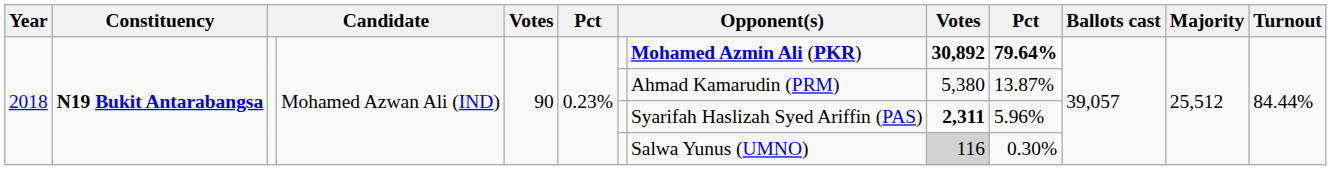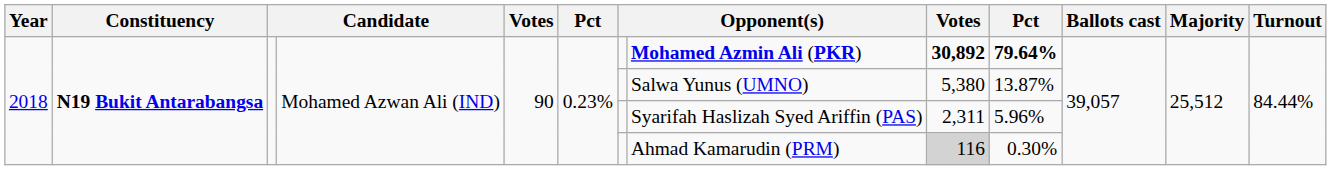 <table class="wikitable" style="margin:0.5em ; font-size:95%">
 <tr>
 <th>Year</th>
 <th>Constituency</th>
 <th colspan=2>Candidate</th>
 <th>Votes</th>
 <th>Pct</th>
 <th colspan=2>Opponent(s)</th>
 <th>Votes</th>
 <th>Pct</th>
 <th>Ballots cast</th>
 <th>Majority</th>
 <th>Turnout</th>
 </tr>
 <tr>
 <td rowspan=4><a href='#'>2018</a></td>
 <td rowspan=4><strong>N19 <a href='#'>Bukit Antarabangsa</a></strong></td>
 <td rowspan=4 ></td>
 <td rowspan=4>Mohamed Azwan Ali (<a href='#'>IND</a>)</td>
 <td rowspan=4 align="right">90</td>
 <td rowspan=4>0.23%</td>
 <td></td>
 <td><strong><a href='#'>Mohamed Azmin Ali</a></strong> (<a href='#'><strong>PKR</strong></a>)</td>
 <td align="right"><strong>30,892</strong></td>
 <td><strong>79.64%</strong></td>
 <td rowspan=4>39,057</td>
 <td rowspan=4>25,512</td>
 <td rowspan=4>84.44%</td>
 </tr>
 <tr>
 <td></td>
-<td>Ahmad Kamarudin (<a href='#'>PRM</a>)</td>
+<td>Salwa Yunus (<a href='#'>UMNO</a>)</td>
 <td align="right">5,380</td>
 <td>13.87%</td>
 </tr>
 <tr>
 <td></td>
 <td>Syarifah Haslizah Syed Ariffin (<a href='#'>PAS</a>)</td>
-<td align="right"><strong>2,311</strong></td>
+<td align="right">2,311</td>
 <td>5.96%</td>
 </tr>
 <tr>
 <td bgcolor=></td>
-<td>Salwa Yunus (<a href='#'>UMNO</a>)</td>
+<td>Ahmad Kamarudin (<a href='#'>PRM</a>)</td>
 <td align="right" style="background: lightgrey;">116</td>
 <td align="right">0.30%</td>
 </tr>
 </table>
